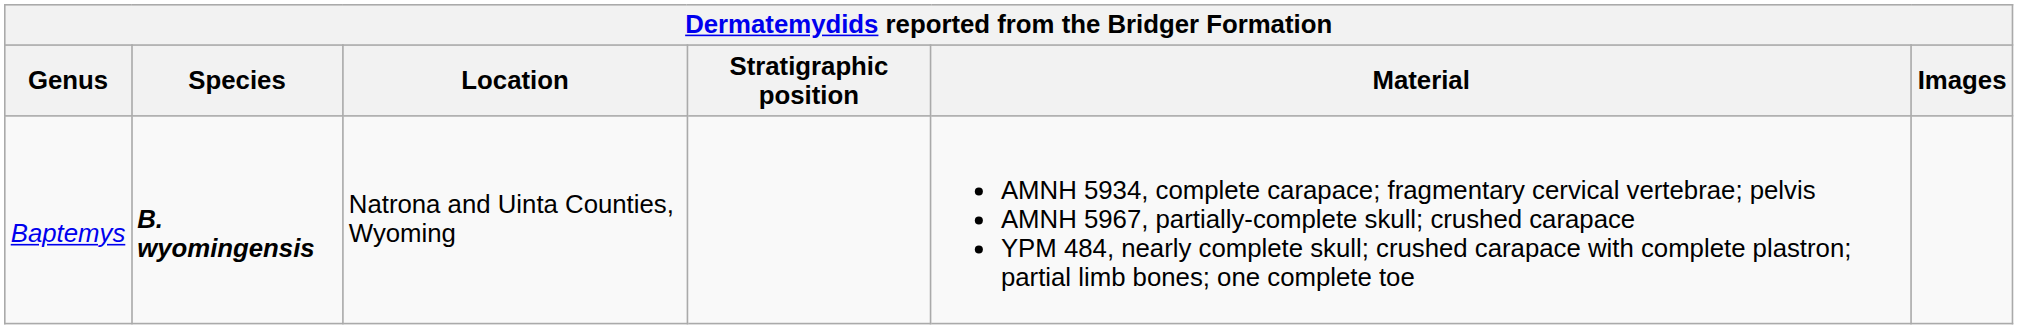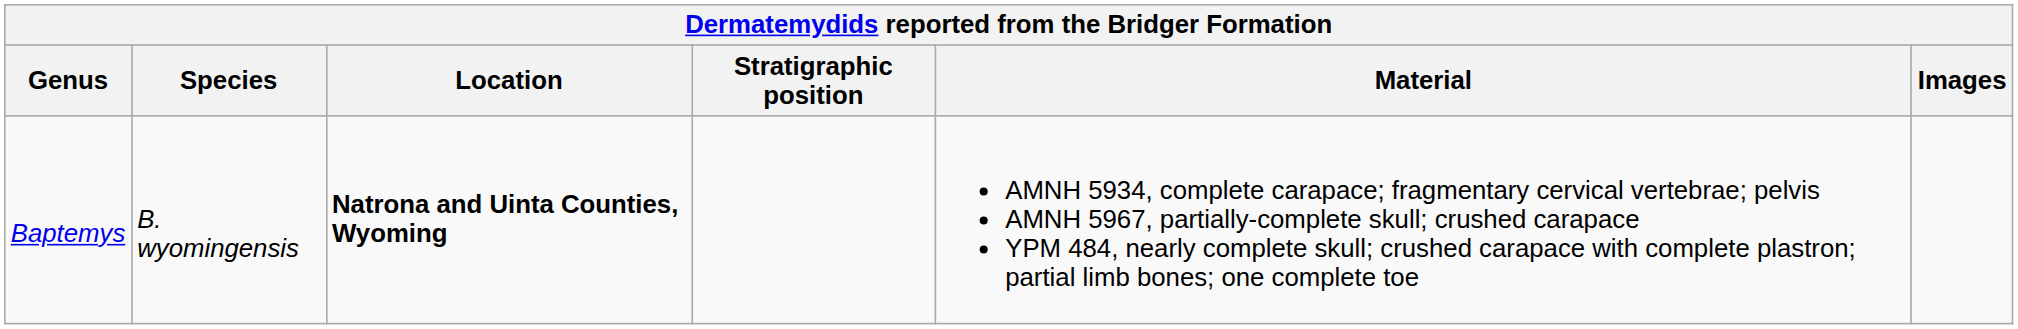 <table class="wikitable sortable mw-collapsible">
 <tr>
 <th colspan="7" style="text-align:center;"><strong><a href='#'>Dermatemydids</a> reported from the Bridger Formation</strong></th>
 </tr>
 <tr>
 <th>Genus</th>
 <th>Species</th>
 <th>Location</th>
 <th>Stratigraphic position</th>
 <th>Material</th>
 <th>Images</th>
 </tr>
 <tr>
 <td rowspan=1><br><em><a href='#'>Baptemys</a></em></td>
-<td><strong><br><em>B. wyomingensis</em></strong></td>
-<td>Natrona and Uinta Counties, Wyoming</td>
+<td><br><em>B. wyomingensis</em></td>
+<td><strong>Natrona and Uinta Counties, Wyoming</strong></td>
 <td></td>
 <td><br><ul><li>AMNH 5934, complete carapace; fragmentary cervical vertebrae; pelvis</li><li>AMNH 5967, partially-complete skull; crushed carapace</li><li>YPM 484, nearly complete skull; crushed carapace with complete plastron; partial limb bones; one complete toe</li></ul></td>
 <td></td>
 </tr>
 </table>
